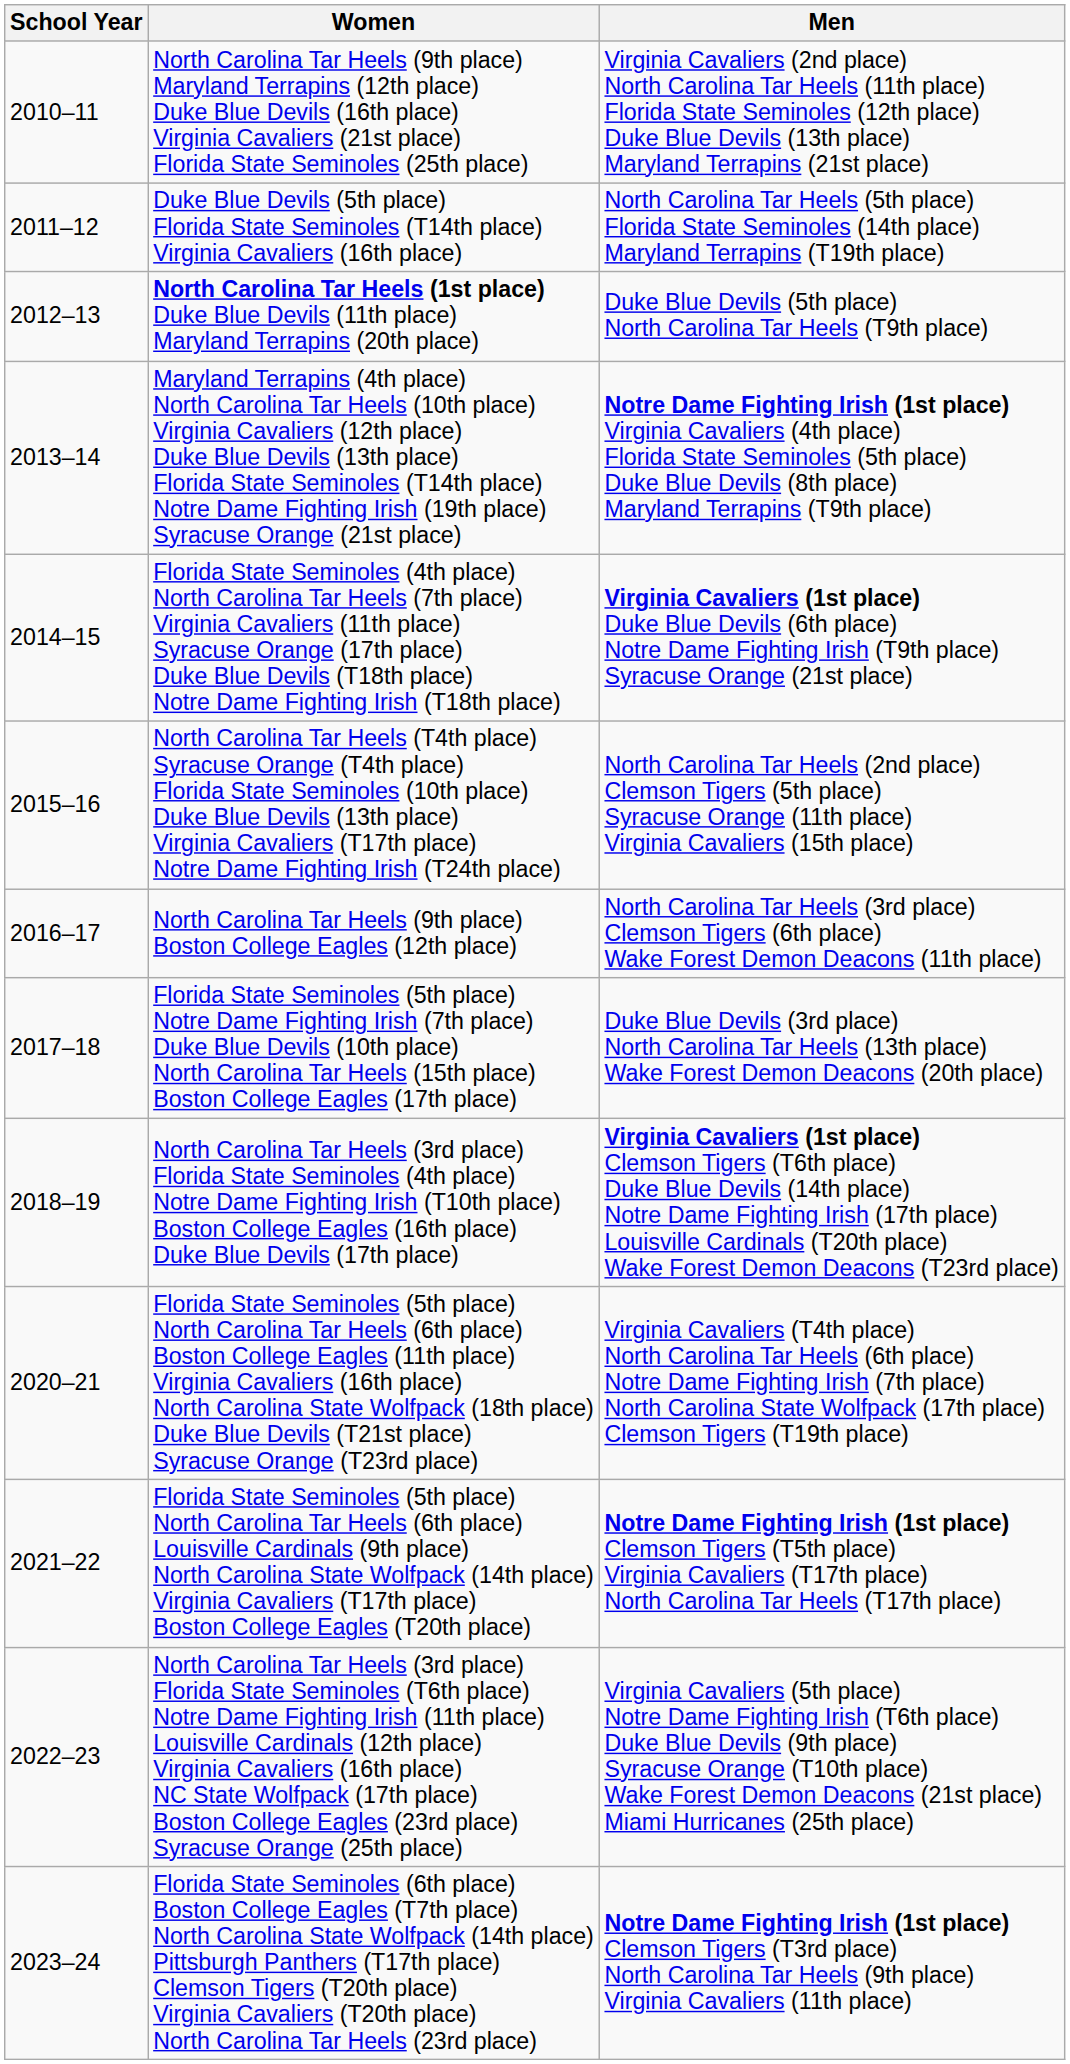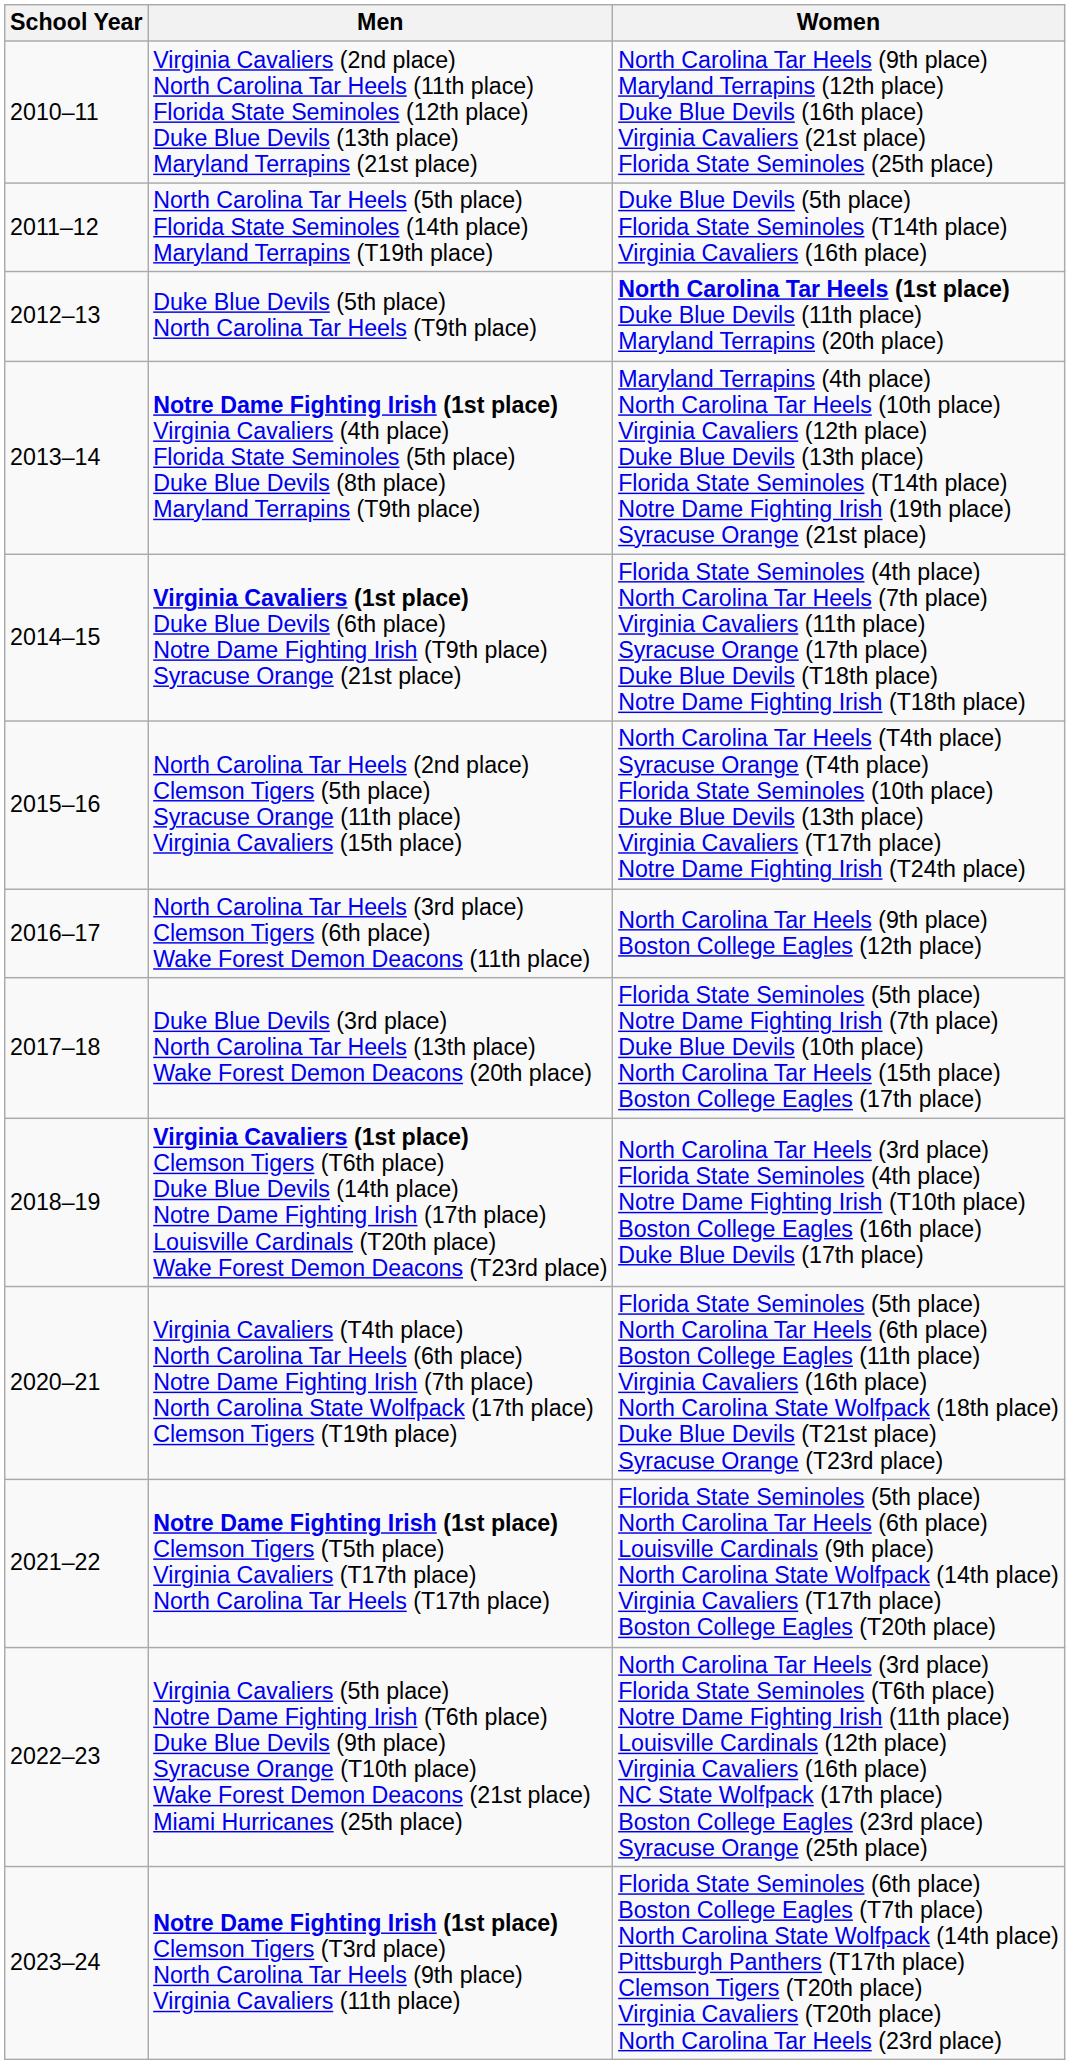 <table class="wikitable">
 <tr>
 <th>School Year</th>
+<th>Men</th>
 <th>Women</th>
-<th>Men</th>
 </tr>
 <tr>
 <td>2010–11</td>
+<td><a href='#'>Virginia Cavaliers</a> (2nd place)<br><a href='#'>North Carolina Tar Heels</a> (11th place)<br><a href='#'>Florida State Seminoles</a> (12th place)<br><a href='#'>Duke Blue Devils</a> (13th place)<br><a href='#'>Maryland Terrapins</a> (21st place)</td>
 <td><a href='#'>North Carolina Tar Heels</a> (9th place)<br><a href='#'>Maryland Terrapins</a> (12th place)<br><a href='#'>Duke Blue Devils</a> (16th place)<br><a href='#'>Virginia Cavaliers</a> (21st place)<br><a href='#'>Florida State Seminoles</a> (25th place)</td>
-<td><a href='#'>Virginia Cavaliers</a> (2nd place)<br><a href='#'>North Carolina Tar Heels</a> (11th place)<br><a href='#'>Florida State Seminoles</a> (12th place)<br><a href='#'>Duke Blue Devils</a> (13th place)<br><a href='#'>Maryland Terrapins</a> (21st place)</td>
 </tr>
 <tr>
 <td>2011–12</td>
+<td><a href='#'>North Carolina Tar Heels</a> (5th place)<br><a href='#'>Florida State Seminoles</a> (14th place)<br><a href='#'>Maryland Terrapins</a> (T19th place)</td>
 <td><a href='#'>Duke Blue Devils</a> (5th place)<br><a href='#'>Florida State Seminoles</a> (T14th place)<br><a href='#'>Virginia Cavaliers</a> (16th place)</td>
-<td><a href='#'>North Carolina Tar Heels</a> (5th place)<br><a href='#'>Florida State Seminoles</a> (14th place)<br><a href='#'>Maryland Terrapins</a> (T19th place)</td>
 </tr>
 <tr>
 <td>2012–13</td>
+<td><a href='#'>Duke Blue Devils</a> (5th place)<br><a href='#'>North Carolina Tar Heels</a> (T9th place)</td>
 <td><strong><a href='#'>North Carolina Tar Heels</a> (1st place)</strong><br><a href='#'>Duke Blue Devils</a> (11th place)<br><a href='#'>Maryland Terrapins</a> (20th place)</td>
-<td><a href='#'>Duke Blue Devils</a> (5th place)<br><a href='#'>North Carolina Tar Heels</a> (T9th place)</td>
 </tr>
 <tr>
 <td>2013–14</td>
+<td><strong><a href='#'>Notre Dame Fighting Irish</a> (1st place)</strong><br><a href='#'>Virginia Cavaliers</a> (4th place)<br><a href='#'>Florida State Seminoles</a> (5th place)<br><a href='#'>Duke Blue Devils</a> (8th place)<br><a href='#'>Maryland Terrapins</a> (T9th place)<br></td>
 <td><a href='#'>Maryland Terrapins</a> (4th place)<br><a href='#'>North Carolina Tar Heels</a> (10th place)<br><a href='#'>Virginia Cavaliers</a> (12th place)<br><a href='#'>Duke Blue Devils</a> (13th place)<br><a href='#'>Florida State Seminoles</a> (T14th place)<br><a href='#'>Notre Dame Fighting Irish</a> (19th place)<br><a href='#'>Syracuse Orange</a> (21st place)</td>
-<td><strong><a href='#'>Notre Dame Fighting Irish</a> (1st place)</strong><br><a href='#'>Virginia Cavaliers</a> (4th place)<br><a href='#'>Florida State Seminoles</a> (5th place)<br><a href='#'>Duke Blue Devils</a> (8th place)<br><a href='#'>Maryland Terrapins</a> (T9th place)<br></td>
 </tr>
 <tr>
 <td>2014–15</td>
+<td><strong><a href='#'>Virginia Cavaliers</a> (1st place)</strong><br><a href='#'>Duke Blue Devils</a> (6th place)<br><a href='#'>Notre Dame Fighting Irish</a> (T9th place)<br><a href='#'>Syracuse Orange</a> (21st place)</td>
 <td><a href='#'>Florida State Seminoles</a> (4th place)<br><a href='#'>North Carolina Tar Heels</a> (7th place)<br><a href='#'>Virginia Cavaliers</a> (11th place)<br><a href='#'>Syracuse Orange</a> (17th place)<br><a href='#'>Duke Blue Devils</a> (T18th place)<br><a href='#'>Notre Dame Fighting Irish</a> (T18th place)</td>
-<td><strong><a href='#'>Virginia Cavaliers</a> (1st place)</strong><br><a href='#'>Duke Blue Devils</a> (6th place)<br><a href='#'>Notre Dame Fighting Irish</a> (T9th place)<br><a href='#'>Syracuse Orange</a> (21st place)</td>
 </tr>
 <tr>
 <td>2015–16</td>
+<td><a href='#'>North Carolina Tar Heels</a> (2nd place)<br><a href='#'>Clemson Tigers</a> (5th place)<br><a href='#'>Syracuse Orange</a> (11th place)<br><a href='#'>Virginia Cavaliers</a> (15th place)</td>
 <td><a href='#'>North Carolina Tar Heels</a> (T4th place)<br><a href='#'>Syracuse Orange</a> (T4th place)<br><a href='#'>Florida State Seminoles</a> (10th place)<br><a href='#'>Duke Blue Devils</a> (13th place)<br><a href='#'>Virginia Cavaliers</a> (T17th place)<br><a href='#'>Notre Dame Fighting Irish</a> (T24th place)</td>
-<td><a href='#'>North Carolina Tar Heels</a> (2nd place)<br><a href='#'>Clemson Tigers</a> (5th place)<br><a href='#'>Syracuse Orange</a> (11th place)<br><a href='#'>Virginia Cavaliers</a> (15th place)</td>
 </tr>
 <tr>
 <td>2016–17</td>
+<td><a href='#'>North Carolina Tar Heels</a> (3rd place)<br><a href='#'>Clemson Tigers</a> (6th place)<br><a href='#'>Wake Forest Demon Deacons</a> (11th place)</td>
 <td><a href='#'>North Carolina Tar Heels</a> (9th place)<br><a href='#'>Boston College Eagles</a> (12th place)</td>
-<td><a href='#'>North Carolina Tar Heels</a> (3rd place)<br><a href='#'>Clemson Tigers</a> (6th place)<br><a href='#'>Wake Forest Demon Deacons</a> (11th place)</td>
 </tr>
 <tr>
 <td>2017–18</td>
+<td><a href='#'>Duke Blue Devils</a> (3rd place)<br><a href='#'>North Carolina Tar Heels</a> (13th place)<br><a href='#'>Wake Forest Demon Deacons</a> (20th place)</td>
 <td><a href='#'>Florida State Seminoles</a> (5th place)<br><a href='#'>Notre Dame Fighting Irish</a> (7th place)<br><a href='#'>Duke Blue Devils</a> (10th place)<br><a href='#'>North Carolina Tar Heels</a> (15th place)<br><a href='#'>Boston College Eagles</a> (17th place)</td>
-<td><a href='#'>Duke Blue Devils</a> (3rd place)<br><a href='#'>North Carolina Tar Heels</a> (13th place)<br><a href='#'>Wake Forest Demon Deacons</a> (20th place)</td>
 </tr>
 <tr>
 <td>2018–19</td>
+<td><strong><a href='#'>Virginia Cavaliers</a> (1st place)</strong><br><a href='#'>Clemson Tigers</a> (T6th place)<br><a href='#'>Duke Blue Devils</a> (14th place)<br><a href='#'>Notre Dame Fighting Irish</a> (17th place)<br><a href='#'>Louisville Cardinals</a> (T20th place)<br><a href='#'>Wake Forest Demon Deacons</a> (T23rd place)</td>
 <td><a href='#'>North Carolina Tar Heels</a> (3rd place)<br><a href='#'>Florida State Seminoles</a> (4th place)<br><a href='#'>Notre Dame Fighting Irish</a> (T10th place)<br><a href='#'>Boston College Eagles</a> (16th place)<br><a href='#'>Duke Blue Devils</a> (17th place)</td>
-<td><strong><a href='#'>Virginia Cavaliers</a> (1st place)</strong><br><a href='#'>Clemson Tigers</a> (T6th place)<br><a href='#'>Duke Blue Devils</a> (14th place)<br><a href='#'>Notre Dame Fighting Irish</a> (17th place)<br><a href='#'>Louisville Cardinals</a> (T20th place)<br><a href='#'>Wake Forest Demon Deacons</a> (T23rd place)</td>
 </tr>
 <tr>
 <td>2020–21</td>
+<td><a href='#'>Virginia Cavaliers</a> (T4th place)<br><a href='#'>North Carolina Tar Heels</a> (6th place)<br><a href='#'>Notre Dame Fighting Irish</a> (7th place)<br><a href='#'>North Carolina State Wolfpack</a> (17th place)<br><a href='#'>Clemson Tigers</a> (T19th place)</td>
 <td><a href='#'>Florida State Seminoles</a> (5th place)<br><a href='#'>North Carolina Tar Heels</a> (6th place)<br><a href='#'>Boston College Eagles</a> (11th place)<br><a href='#'>Virginia Cavaliers</a> (16th place)<br><a href='#'>North Carolina State Wolfpack</a> (18th place)<br><a href='#'>Duke Blue Devils</a> (T21st place)<br><a href='#'>Syracuse Orange</a> (T23rd place)</td>
-<td><a href='#'>Virginia Cavaliers</a> (T4th place)<br><a href='#'>North Carolina Tar Heels</a> (6th place)<br><a href='#'>Notre Dame Fighting Irish</a> (7th place)<br><a href='#'>North Carolina State Wolfpack</a> (17th place)<br><a href='#'>Clemson Tigers</a> (T19th place)</td>
 </tr>
 <tr>
 <td>2021–22</td>
+<td><strong><a href='#'>Notre Dame Fighting Irish</a> (1st place)</strong><br><a href='#'>Clemson Tigers</a> (T5th place)<br><a href='#'>Virginia Cavaliers</a> (T17th place)<br><a href='#'>North Carolina Tar Heels</a> (T17th place)</td>
 <td><a href='#'>Florida State Seminoles</a> (5th place)<br><a href='#'>North Carolina Tar Heels</a> (6th place)<br><a href='#'>Louisville Cardinals</a> (9th place)<br><a href='#'>North Carolina State Wolfpack</a> (14th place)<br><a href='#'>Virginia Cavaliers</a> (T17th place)<br><a href='#'>Boston College Eagles</a> (T20th place)</td>
-<td><strong><a href='#'>Notre Dame Fighting Irish</a> (1st place)</strong><br><a href='#'>Clemson Tigers</a> (T5th place)<br><a href='#'>Virginia Cavaliers</a> (T17th place)<br><a href='#'>North Carolina Tar Heels</a> (T17th place)</td>
 </tr>
 <tr>
 <td>2022–23</td>
+<td><a href='#'>Virginia Cavaliers</a> (5th place)<br><a href='#'>Notre Dame Fighting Irish</a> (T6th place)<br><a href='#'>Duke Blue Devils</a> (9th place)<br><a href='#'>Syracuse Orange</a> (T10th place)<br><a href='#'>Wake Forest Demon Deacons</a> (21st place)<br><a href='#'>Miami Hurricanes</a> (25th place)</td>
 <td><a href='#'>North Carolina Tar Heels</a> (3rd place)<br><a href='#'>Florida State Seminoles</a> (T6th place)<br><a href='#'>Notre Dame Fighting Irish</a> (11th place)<br><a href='#'>Louisville Cardinals</a> (12th place)<br><a href='#'>Virginia Cavaliers</a> (16th place)<br><a href='#'>NC State Wolfpack</a> (17th place)<br><a href='#'>Boston College Eagles</a> (23rd place)<br><a href='#'>Syracuse Orange</a> (25th place)</td>
-<td><a href='#'>Virginia Cavaliers</a> (5th place)<br><a href='#'>Notre Dame Fighting Irish</a> (T6th place)<br><a href='#'>Duke Blue Devils</a> (9th place)<br><a href='#'>Syracuse Orange</a> (T10th place)<br><a href='#'>Wake Forest Demon Deacons</a> (21st place)<br><a href='#'>Miami Hurricanes</a> (25th place)</td>
 </tr>
 <tr>
 <td>2023–24</td>
+<td><strong><a href='#'>Notre Dame Fighting Irish</a> (1st place)</strong><br><a href='#'>Clemson Tigers</a> (T3rd place)<br><a href='#'>North Carolina Tar Heels</a> (9th place)<br><a href='#'>Virginia Cavaliers</a> (11th place)</td>
 <td><a href='#'>Florida State Seminoles</a> (6th place)<br><a href='#'>Boston College Eagles</a> (T7th place)<br><a href='#'>North Carolina State Wolfpack</a> (14th place)<br><a href='#'>Pittsburgh Panthers</a> (T17th place)<br><a href='#'>Clemson Tigers</a> (T20th place)<br><a href='#'>Virginia Cavaliers</a> (T20th place)<br><a href='#'>North Carolina Tar Heels</a> (23rd place)</td>
-<td><strong><a href='#'>Notre Dame Fighting Irish</a> (1st place)</strong><br><a href='#'>Clemson Tigers</a> (T3rd place)<br><a href='#'>North Carolina Tar Heels</a> (9th place)<br><a href='#'>Virginia Cavaliers</a> (11th place)</td>
 </tr>
 </table>
